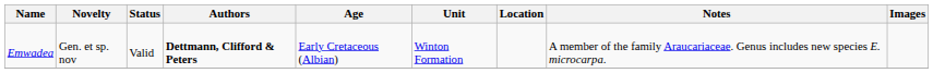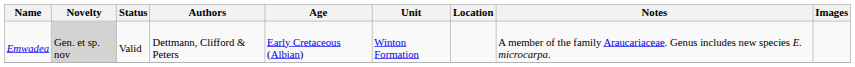 <table class="wikitable sortable" align="center" width="100%">
 <tr>
 <th>Name</th>
 <th>Novelty</th>
 <th>Status</th>
 <th>Authors</th>
 <th>Age</th>
 <th>Unit</th>
 <th>Location</th>
 <th>Notes</th>
 <th>Images</th>
 </tr>
 <tr>
 <td><br><em><a href='#'>Emwadea</a></em></td>
-<td><br>Gen. et sp. nov</td>
+<td style="background: lightgrey;"><br>Gen. et sp. nov</td>
 <td><br>Valid</td>
-<td><strong><br>Dettmann, Clifford & Peters</strong></td>
+<td><br>Dettmann, Clifford & Peters</td>
 <td><br><a href='#'>Early Cretaceous</a> (<a href='#'>Albian</a>)</td>
 <td><br><a href='#'>Winton Formation</a></td>
 <td><br></td>
 <td><br>A member of the family <a href='#'>Araucariaceae</a>. Genus includes new species <em>E. microcarpa</em>.</td>
 <td></td>
 </tr>
 <tr>
 </tr>
 </table>
